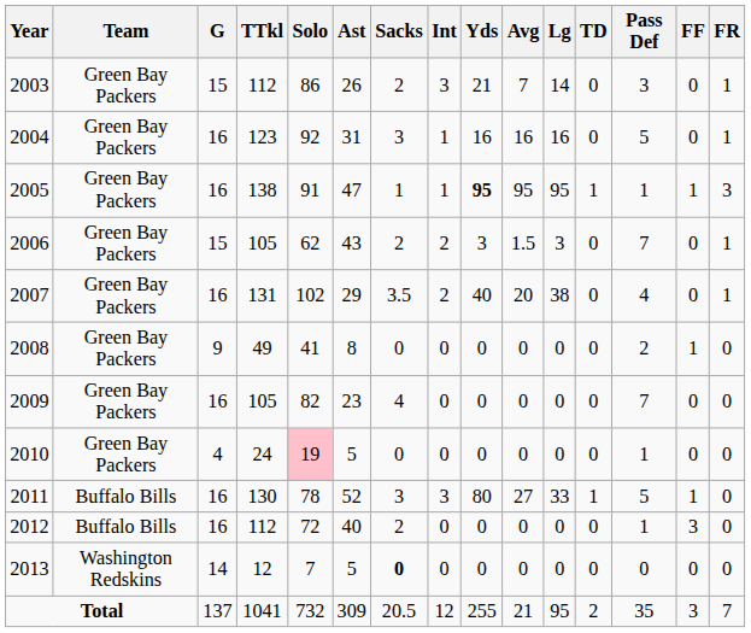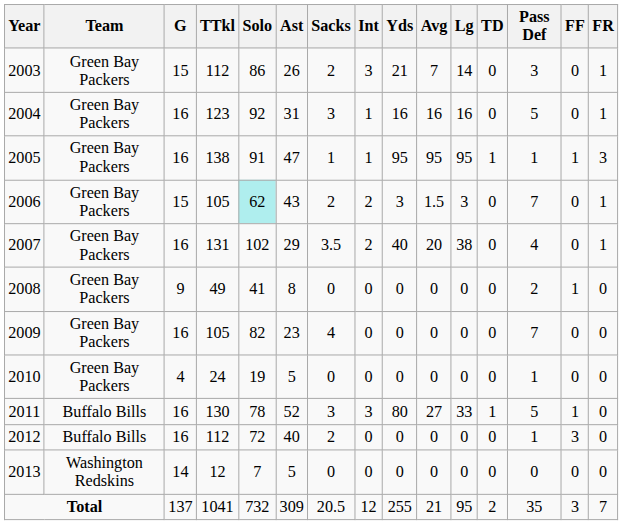 <table class="wikitable" style="text-align: center;">
 <tr>
 <th><strong>Year</strong></th>
 <th>Team</th>
 <th>G</th>
 <th>TTkl</th>
 <th>Solo</th>
 <th>Ast</th>
 <th>Sacks</th>
 <th>Int</th>
 <th>Yds</th>
 <th>Avg</th>
 <th>Lg</th>
 <th>TD</th>
 <th>Pass Def</th>
 <th>FF</th>
 <th>FR</th>
 </tr>
 <tr>
 <td>2003</td>
 <td>Green Bay Packers</td>
 <td>15</td>
 <td>112</td>
 <td>86</td>
 <td>26</td>
 <td>2</td>
 <td>3</td>
 <td>21</td>
 <td>7</td>
 <td>14</td>
 <td>0</td>
 <td>3</td>
 <td>0</td>
 <td>1</td>
 </tr>
 <tr>
 <td>2004</td>
 <td>Green Bay Packers</td>
 <td>16</td>
 <td>123</td>
 <td>92</td>
 <td>31</td>
 <td>3</td>
 <td>1</td>
 <td>16</td>
 <td>16</td>
 <td>16</td>
 <td>0</td>
 <td>5</td>
 <td>0</td>
 <td>1</td>
 </tr>
 <tr>
 <td>2005</td>
 <td>Green Bay Packers</td>
 <td>16</td>
 <td>138</td>
 <td>91</td>
 <td>47</td>
 <td>1</td>
 <td>1</td>
-<td><strong>95</strong></td>
+<td>95</td>
 <td>95</td>
 <td>95</td>
 <td>1</td>
 <td>1</td>
 <td>1</td>
 <td>3</td>
 </tr>
 <tr>
 <td>2006</td>
 <td>Green Bay Packers</td>
 <td>15</td>
 <td>105</td>
-<td>62</td>
+<td style="background: paleturquoise;">62</td>
 <td>43</td>
 <td>2</td>
 <td>2</td>
 <td>3</td>
 <td>1.5</td>
 <td>3</td>
 <td>0</td>
 <td>7</td>
 <td>0</td>
 <td>1</td>
 </tr>
 <tr>
 <td>2007</td>
 <td>Green Bay Packers</td>
 <td>16</td>
 <td>131</td>
 <td>102</td>
 <td>29</td>
 <td>3.5</td>
 <td>2</td>
 <td>40</td>
 <td>20</td>
 <td>38</td>
 <td>0</td>
 <td>4</td>
 <td>0</td>
 <td>1</td>
 </tr>
 <tr>
 <td>2008</td>
 <td>Green Bay Packers</td>
 <td>9</td>
 <td>49</td>
 <td>41</td>
 <td>8</td>
 <td>0</td>
 <td>0</td>
 <td>0</td>
 <td>0</td>
 <td>0</td>
 <td>0</td>
 <td>2</td>
 <td>1</td>
 <td>0</td>
 </tr>
 <tr>
 <td>2009</td>
 <td>Green Bay Packers</td>
 <td>16</td>
 <td>105</td>
 <td>82</td>
 <td>23</td>
 <td>4</td>
 <td>0</td>
 <td>0</td>
 <td>0</td>
 <td>0</td>
 <td>0</td>
 <td>7</td>
 <td>0</td>
 <td>0</td>
 </tr>
 <tr>
 <td>2010</td>
 <td>Green Bay Packers</td>
 <td>4</td>
 <td>24</td>
-<td style="background: pink;">19</td>
+<td>19</td>
 <td>5</td>
 <td>0</td>
 <td>0</td>
 <td>0</td>
 <td>0</td>
 <td>0</td>
 <td>0</td>
 <td>1</td>
 <td>0</td>
 <td>0</td>
 </tr>
 <tr>
 <td>2011</td>
 <td>Buffalo Bills</td>
 <td>16</td>
 <td>130</td>
 <td>78</td>
 <td>52</td>
 <td>3</td>
 <td>3</td>
 <td>80</td>
 <td>27</td>
 <td>33</td>
 <td>1</td>
 <td>5</td>
 <td>1</td>
 <td>0</td>
 </tr>
 <tr>
 <td>2012</td>
 <td>Buffalo Bills</td>
 <td>16</td>
 <td>112</td>
 <td>72</td>
 <td>40</td>
 <td>2</td>
 <td>0</td>
 <td>0</td>
 <td>0</td>
 <td>0</td>
 <td>0</td>
 <td>1</td>
 <td>3</td>
 <td>0</td>
 </tr>
 <tr>
 <td>2013</td>
 <td>Washington Redskins</td>
 <td>14</td>
 <td>12</td>
 <td>7</td>
 <td>5</td>
-<td><strong>0</strong></td>
+<td>0</td>
 <td>0</td>
 <td>0</td>
 <td>0</td>
 <td>0</td>
 <td>0</td>
 <td>0</td>
 <td>0</td>
 <td>0</td>
 </tr>
 <tr>
 <td colSpan="2"><strong>Total</strong></td>
 <td>137</td>
 <td>1041</td>
 <td>732</td>
 <td>309</td>
 <td>20.5</td>
 <td>12</td>
 <td>255</td>
 <td>21</td>
 <td>95</td>
 <td>2</td>
 <td>35</td>
 <td>3</td>
 <td>7</td>
 </tr>
 </table>
